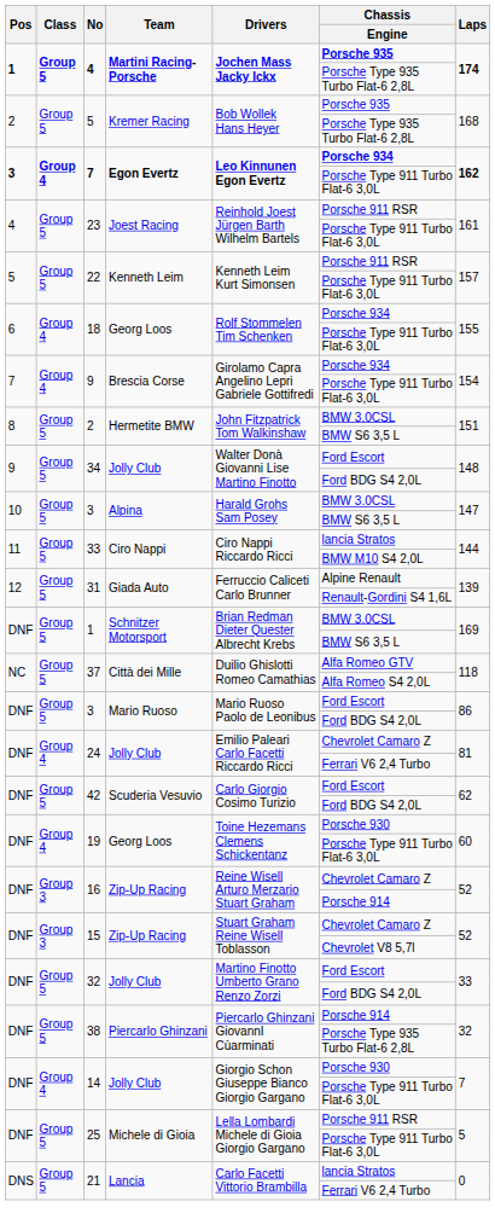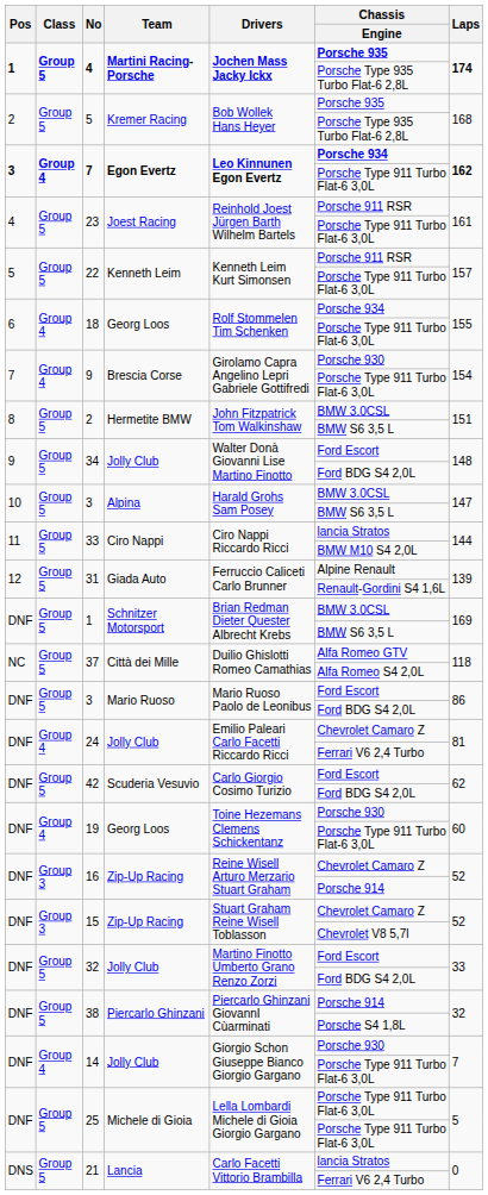 <table class="wikitable" style="font-size: 95%;">
 <tr>
 <th rowspan=2>Pos</th>
 <th rowspan=2>Class</th>
 <th rowspan=2>No</th>
 <th rowspan=2>Team</th>
 <th rowspan=2>Drivers</th>
 <th>Chassis</th>
 <th rowspan=2>Laps</th>
 </tr>
 <tr>
 <th>Engine</th>
 </tr>
 <tr style="font-weight:bold">
 <td rowspan=2>1</td>
 <td rowspan=2><a href='#'>Group 5</a></td>
 <td rowspan=2>4</td>
 <td rowspan=2><a href='#'>Martini Racing</a>-<a href='#'>Porsche</a></td>
 <td rowspan=2><a href='#'>Jochen Mass</a><br><a href='#'>Jacky Ickx</a></td>
 <td><a href='#'>Porsche 935</a></td>
 <td rowspan=2>174</td>
 </tr>
 <tr>
 <td><a href='#'>Porsche</a> Type 935 Turbo Flat-6 2,8L</td>
 </tr>
 <tr>
 <td rowspan=2>2</td>
 <td rowspan=2><a href='#'>Group 5</a></td>
 <td rowspan=2>5</td>
 <td rowspan=2><a href='#'>Kremer Racing</a></td>
 <td rowspan=2><a href='#'>Bob Wollek</a><br><a href='#'>Hans Heyer</a></td>
 <td><a href='#'>Porsche 935</a></td>
 <td rowspan=2>168</td>
 </tr>
 <tr>
 <td><a href='#'>Porsche</a> Type 935 Turbo Flat-6 2,8L</td>
 </tr>
 <tr style="font-weight:bold">
 <td rowspan=2>3</td>
 <td rowspan=2><a href='#'>Group 4</a></td>
 <td rowspan=2>7</td>
 <td rowspan=2>Egon Evertz</td>
 <td rowspan=2><a href='#'>Leo Kinnunen</a><br>Egon Evertz</td>
 <td><a href='#'>Porsche 934</a></td>
 <td rowspan=2>162</td>
 </tr>
 <tr>
 <td><a href='#'>Porsche</a> Type 911 Turbo Flat-6 3,0L</td>
 </tr>
 <tr>
 <td rowspan=2>4</td>
 <td rowspan=2><a href='#'>Group 5</a></td>
 <td rowspan=2>23</td>
 <td rowspan=2><a href='#'>Joest Racing</a></td>
 <td rowspan=2><a href='#'>Reinhold Joest</a><br><a href='#'>Jürgen Barth</a><br>Wilhelm Bartels</td>
 <td><a href='#'>Porsche 911</a> RSR</td>
 <td rowspan=2>161</td>
 </tr>
 <tr>
 <td><a href='#'>Porsche</a> Type 911 Turbo Flat-6 3,0L</td>
 </tr>
 <tr>
 <td rowspan=2>5</td>
 <td rowspan=2><a href='#'>Group 5</a></td>
 <td rowspan=2>22</td>
 <td rowspan=2>Kenneth Leim</td>
 <td rowspan=2>Kenneth Leim<br>Kurt Simonsen</td>
 <td><a href='#'>Porsche 911</a> RSR</td>
 <td rowspan=2>157</td>
 </tr>
 <tr>
 <td><a href='#'>Porsche</a> Type 911 Turbo Flat-6 3,0L</td>
 </tr>
 <tr>
 <td rowspan=2>6</td>
 <td rowspan=2><a href='#'>Group 4</a></td>
 <td rowspan=2>18</td>
 <td rowspan=2>Georg Loos</td>
 <td rowspan=2><a href='#'>Rolf Stommelen</a><br><a href='#'>Tim Schenken</a></td>
 <td><a href='#'>Porsche 934</a></td>
 <td rowspan=2>155</td>
 </tr>
 <tr>
 <td><a href='#'>Porsche</a> Type 911 Turbo Flat-6 3,0L</td>
 </tr>
 <tr>
 <td rowspan=2>7</td>
 <td rowspan=2><a href='#'>Group 4</a></td>
 <td rowspan=2>9</td>
 <td rowspan=2>Brescia Corse</td>
 <td rowspan=2>Girolamo Capra<br>Angelino Lepri<br>Gabriele Gottifredi</td>
-<td><a href='#'>Porsche 934</a></td>
+<td><a href='#'>Porsche 930</a></td>
 <td rowspan=2>154</td>
 </tr>
 <tr>
 <td><a href='#'>Porsche</a> Type 911 Turbo Flat-6 3,0L</td>
 </tr>
 <tr>
 <td rowspan=2>8</td>
 <td rowspan=2><a href='#'>Group 5</a></td>
 <td rowspan=2>2</td>
 <td rowspan=2>Hermetite BMW</td>
 <td rowspan=2><a href='#'>John Fitzpatrick</a><br><a href='#'>Tom Walkinshaw</a></td>
 <td><a href='#'>BMW 3.0CSL</a></td>
 <td rowspan=2>151</td>
 </tr>
 <tr>
 <td><a href='#'>BMW</a> S6 3,5 L</td>
 </tr>
 <tr>
 <td rowspan=2>9</td>
 <td rowspan=2><a href='#'>Group 5</a></td>
 <td rowspan=2>34</td>
 <td rowspan=2><a href='#'>Jolly Club</a></td>
 <td rowspan=2>Walter Donà<br>Giovanni Lise<br><a href='#'>Martino Finotto</a></td>
 <td><a href='#'>Ford Escort</a></td>
 <td rowspan=2>148</td>
 </tr>
 <tr>
 <td><a href='#'>Ford</a> BDG S4 2,0L</td>
 </tr>
 <tr>
 <td rowspan=2>10</td>
 <td rowspan=2><a href='#'>Group 5</a></td>
 <td rowspan=2>3</td>
 <td rowspan=2><a href='#'>Alpina</a></td>
 <td rowspan=2><a href='#'>Harald Grohs</a><br><a href='#'>Sam Posey</a></td>
 <td><a href='#'>BMW 3.0CSL</a></td>
 <td rowspan=2>147</td>
 </tr>
 <tr>
 <td><a href='#'>BMW</a> S6 3,5 L</td>
 </tr>
 <tr>
 <td rowspan=2>11</td>
 <td rowspan=2><a href='#'>Group 5</a></td>
 <td rowspan=2>33</td>
 <td rowspan=2>Ciro Nappi</td>
 <td rowspan=2>Ciro Nappi<br>Riccardo Ricci</td>
 <td><a href='#'>lancia Stratos</a></td>
 <td rowspan=2>144</td>
 </tr>
 <tr>
 <td><a href='#'>BMW M10</a> S4 2,0L</td>
 </tr>
 <tr>
 <td rowspan=2>12</td>
 <td rowspan=2><a href='#'>Group 5</a></td>
 <td rowspan=2>31</td>
 <td rowspan=2>Giada Auto</td>
 <td rowspan=2>Ferruccio Caliceti<br>Carlo Brunner</td>
 <td>Alpine Renault</td>
 <td rowspan=2>139</td>
 </tr>
 <tr>
 <td><a href='#'>Renault</a>-<a href='#'>Gordini</a> S4 1,6L</td>
 </tr>
 <tr>
 <td rowspan=2>DNF</td>
 <td rowspan=2><a href='#'>Group 5</a></td>
 <td rowspan=2>1</td>
 <td rowspan=2><a href='#'>Schnitzer Motorsport</a></td>
 <td rowspan=2><a href='#'>Brian Redman</a><br><a href='#'>Dieter Quester</a><br>Albrecht Krebs</td>
 <td><a href='#'>BMW 3.0CSL</a></td>
 <td rowspan=2>169</td>
 </tr>
 <tr>
 <td><a href='#'>BMW</a> S6 3,5 L</td>
 </tr>
 <tr>
 <td rowspan=2>NC</td>
 <td rowspan=2><a href='#'>Group 5</a></td>
 <td rowspan=2>37</td>
 <td rowspan=2>Città dei Mille</td>
 <td rowspan=2>Duilio Ghislotti<br>Romeo Camathias</td>
 <td><a href='#'>Alfa Romeo GTV</a></td>
 <td rowspan=2>118</td>
 </tr>
 <tr>
 <td><a href='#'>Alfa Romeo</a> S4 2,0L</td>
 </tr>
 <tr>
 <td rowspan=2>DNF</td>
 <td rowspan=2><a href='#'>Group 5</a></td>
 <td rowspan=2>3</td>
 <td rowspan=2>Mario Ruoso</td>
 <td rowspan=2>Mario Ruoso<br>Paolo de Leonibus</td>
 <td><a href='#'>Ford Escort</a></td>
 <td rowspan=2>86</td>
 </tr>
 <tr>
 <td><a href='#'>Ford</a> BDG S4 2,0L</td>
 </tr>
 <tr>
 <td rowspan=2>DNF</td>
 <td rowspan=2><a href='#'>Group 4</a></td>
 <td rowspan=2>24</td>
 <td rowspan=2><a href='#'>Jolly Club</a></td>
 <td rowspan=2>Emilio Paleari<br><a href='#'>Carlo Facetti</a><br>Riccardo Ricci</td>
 <td><a href='#'>Chevrolet Camaro</a> Z</td>
 <td rowspan=2>81</td>
 </tr>
 <tr>
 <td><a href='#'>Ferrari</a> V6 2,4 Turbo</td>
 </tr>
 <tr>
 <td rowspan=2>DNF</td>
 <td rowspan=2><a href='#'>Group 5</a></td>
 <td rowspan=2>42</td>
 <td rowspan=2>Scuderia Vesuvio</td>
 <td rowspan=2><a href='#'>Carlo Giorgio</a><br>Cosimo Turizio</td>
 <td><a href='#'>Ford Escort</a></td>
 <td rowspan=2>62</td>
 </tr>
 <tr>
 <td><a href='#'>Ford</a> BDG S4 2,0L</td>
 </tr>
 <tr>
 <td rowspan=2>DNF</td>
 <td rowspan=2><a href='#'>Group 4</a></td>
 <td rowspan=2>19</td>
 <td rowspan=2>Georg Loos</td>
 <td rowspan=2><a href='#'>Toine Hezemans</a><br><a href='#'>Clemens Schickentanz</a></td>
 <td><a href='#'>Porsche 930</a></td>
 <td rowspan=2>60</td>
 </tr>
 <tr>
 <td><a href='#'>Porsche</a> Type 911 Turbo Flat-6 3,0L</td>
 </tr>
 <tr>
 <td rowspan=2>DNF</td>
 <td rowspan=2><a href='#'>Group 3</a></td>
 <td rowspan=2>16</td>
 <td rowspan=2><a href='#'>Zip-Up Racing</a></td>
 <td rowspan=2><a href='#'>Reine Wisell</a><br><a href='#'>Arturo Merzario</a><br><a href='#'>Stuart Graham</a></td>
 <td><a href='#'>Chevrolet Camaro</a> Z</td>
 <td rowspan=2>52</td>
 </tr>
 <tr>
 <td><a href='#'>Porsche 914</a></td>
 </tr>
 <tr>
 <td rowspan=2>DNF</td>
 <td rowspan=2><a href='#'>Group 3</a></td>
 <td rowspan=2>15</td>
 <td rowspan=2><a href='#'>Zip-Up Racing</a></td>
 <td rowspan=2><a href='#'>Stuart Graham</a><br><a href='#'>Reine Wisell</a><br>Toblasson</td>
 <td><a href='#'>Chevrolet Camaro</a> Z</td>
 <td rowspan=2>52</td>
 </tr>
 <tr>
 <td><a href='#'>Chevrolet</a> V8 5,7l</td>
 </tr>
 <tr>
 <td rowspan=2>DNF</td>
 <td rowspan=2><a href='#'>Group 5</a></td>
 <td rowspan=2>32</td>
 <td rowspan=2><a href='#'>Jolly Club</a></td>
 <td rowspan=2><a href='#'>Martino Finotto</a><br><a href='#'>Umberto Grano</a><br><a href='#'>Renzo Zorzi</a></td>
 <td><a href='#'>Ford Escort</a></td>
 <td rowspan=2>33</td>
 </tr>
 <tr>
 <td><a href='#'>Ford</a> BDG S4 2,0L</td>
 </tr>
 <tr>
 <td rowspan=2>DNF</td>
 <td rowspan=2><a href='#'>Group 5</a></td>
 <td rowspan=2>38</td>
 <td rowspan=2><a href='#'>Piercarlo Ghinzani</a></td>
 <td rowspan=2><a href='#'>Piercarlo Ghinzani</a><br>GiovannI Cùarminati</td>
 <td><a href='#'>Porsche 914</a></td>
 <td rowspan=2>32</td>
 </tr>
 <tr>
-<td><a href='#'>Porsche</a> Type 935 Turbo Flat-6 2,8L</td>
+<td><a href='#'>Porsche</a> S4 1,8L</td>
 </tr>
 <tr>
 <td rowspan=2>DNF</td>
 <td rowspan=2><a href='#'>Group 4</a></td>
 <td rowspan=2>14</td>
 <td rowspan=2><a href='#'>Jolly Club</a></td>
 <td rowspan=2>Giorgio Schon<br>Giuseppe Bianco<br>Giorgio Gargano</td>
 <td><a href='#'>Porsche 930</a></td>
 <td rowspan=2>7</td>
 </tr>
 <tr>
 <td><a href='#'>Porsche</a> Type 911 Turbo Flat-6 3,0L</td>
 </tr>
 <tr>
 <td rowspan=2>DNF</td>
 <td rowspan=2><a href='#'>Group 5</a></td>
 <td rowspan=2>25</td>
 <td rowspan=2>Michele di Gioia</td>
 <td rowspan=2><a href='#'>Lella Lombardi</a><br>Michele di Gioia<br>Giorgio Gargano</td>
-<td><a href='#'>Porsche 911</a> RSR</td>
+<td><a href='#'>Porsche</a> Type 911 Turbo Flat-6 3,0L</td>
 <td rowspan=2>5</td>
 </tr>
 <tr>
 <td><a href='#'>Porsche</a> Type 911 Turbo Flat-6 3,0L</td>
 </tr>
 <tr>
 <td rowspan=2>DNS</td>
 <td rowspan=2><a href='#'>Group 5</a></td>
 <td rowspan=2>21</td>
 <td rowspan=2><a href='#'>Lancia</a></td>
 <td rowspan=2><a href='#'>Carlo Facetti</a><br><a href='#'>Vittorio Brambilla</a></td>
 <td><a href='#'>lancia Stratos</a></td>
 <td rowspan=2>0</td>
 </tr>
 <tr>
 <td><a href='#'>Ferrari</a> V6 2,4 Turbo</td>
 </tr>
 </table>
